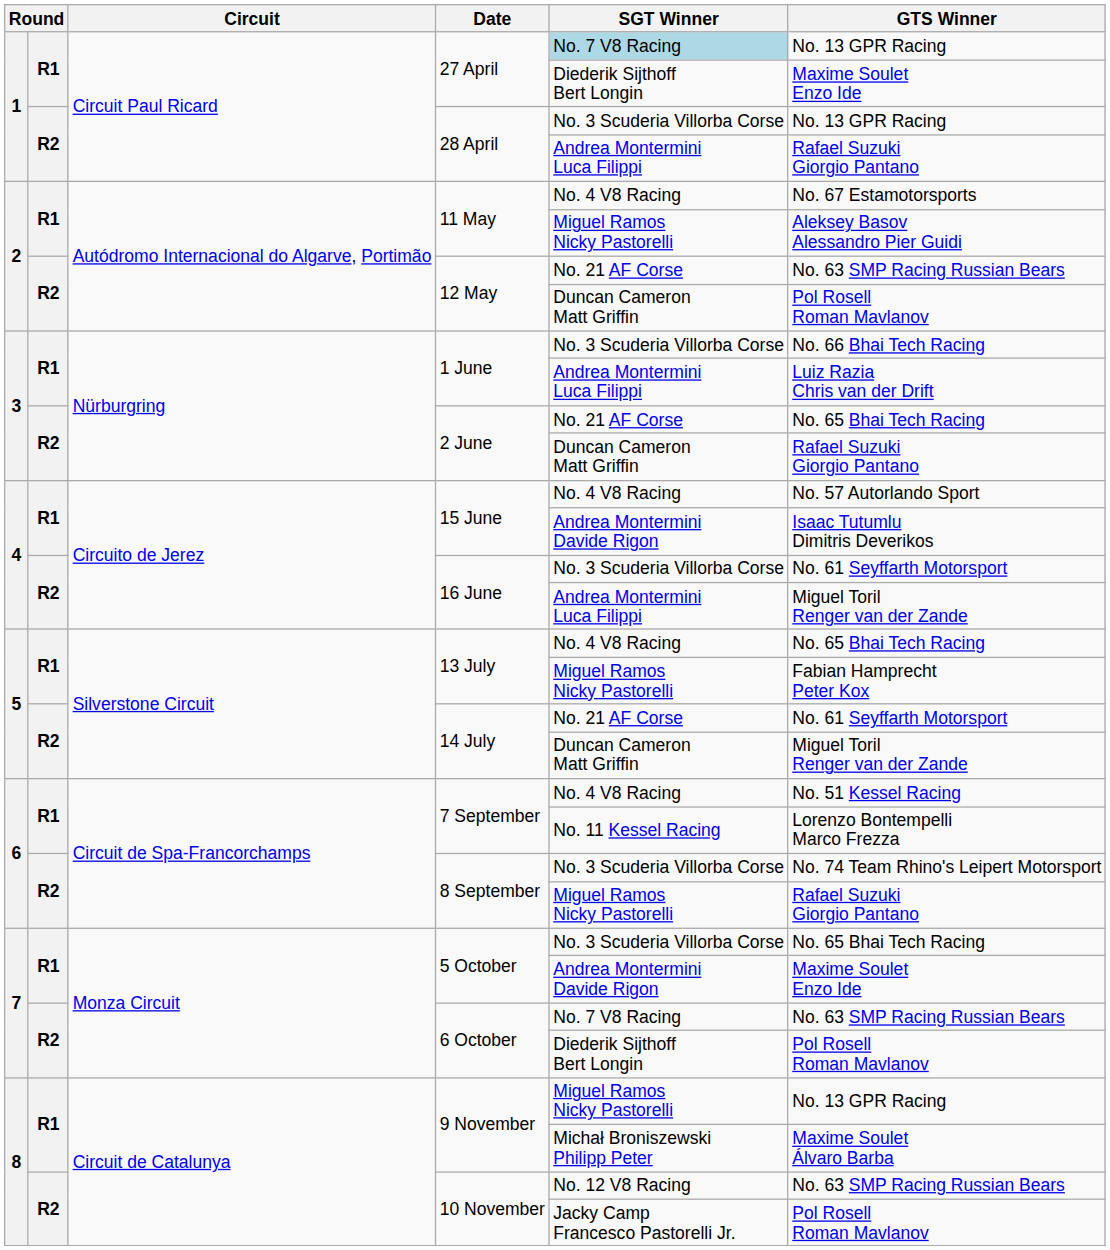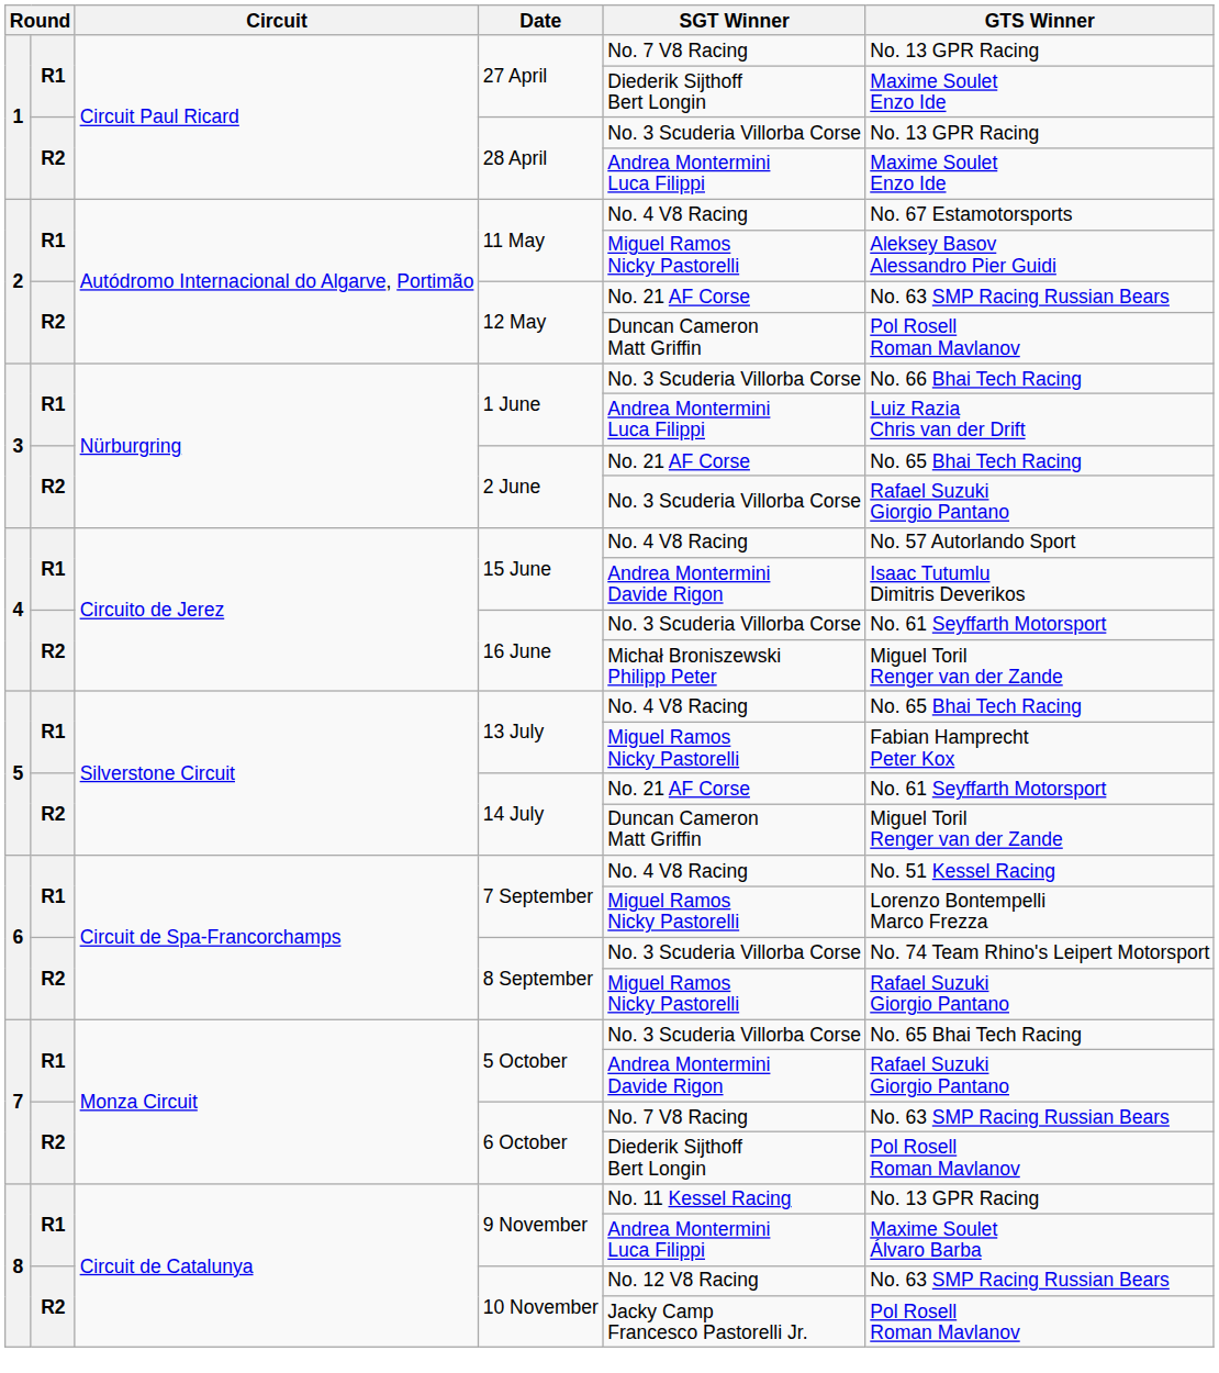 <table class="wikitable" style="font-size: 85%;">
 <tr>
 <th colspan=2>Round</th>
 <th>Circuit</th>
 <th>Date</th>
 <th>SGT Winner</th>
 <th>GTS Winner</th>
 </tr>
 <tr>
 <th rowspan=4>1</th>
 <th rowspan=2>R1</th>
 <td rowspan=4> <a href='#'>Circuit Paul Ricard</a></td>
 <td rowspan=2>27 April</td>
-<td style="background: lightblue;">No. 7 V8 Racing</td>
+<td>No. 7 V8 Racing</td>
 <td>No. 13 GPR Racing</td>
 </tr>
 <tr>
 <td> Diederik Sijthoff<br> Bert Longin</td>
 <td> <a href='#'>Maxime Soulet</a><br> <a href='#'>Enzo Ide</a></td>
 </tr>
 <tr>
 <th rowspan=2>R2</th>
 <td rowspan=2>28 April</td>
 <td>No. 3 Scuderia Villorba Corse</td>
 <td>No. 13 GPR Racing</td>
 </tr>
 <tr>
 <td> <a href='#'>Andrea Montermini</a><br> <a href='#'>Luca Filippi</a></td>
-<td> <a href='#'>Rafael Suzuki</a><br> <a href='#'>Giorgio Pantano</a></td>
+<td> <a href='#'>Maxime Soulet</a><br> <a href='#'>Enzo Ide</a></td>
 </tr>
 <tr>
 <th rowspan=4>2</th>
 <th rowspan=2>R1</th>
 <td rowspan=4> <a href='#'>Autódromo Internacional do Algarve</a>, <a href='#'>Portimão</a></td>
 <td rowspan=2>11 May</td>
 <td>No. 4 V8 Racing</td>
 <td>No. 67 Estamotorsports</td>
 </tr>
 <tr>
 <td> <a href='#'>Miguel Ramos</a><br> <a href='#'>Nicky Pastorelli</a></td>
 <td> <a href='#'>Aleksey Basov</a><br> <a href='#'>Alessandro Pier Guidi</a></td>
 </tr>
 <tr>
 <th rowspan=2>R2</th>
 <td rowspan=2>12 May</td>
 <td>No. 21 <a href='#'>AF Corse</a></td>
 <td>No. 63 <a href='#'>SMP Racing Russian Bears</a></td>
 </tr>
 <tr>
 <td> Duncan Cameron<br> Matt Griffin</td>
 <td> <a href='#'>Pol Rosell</a><br> <a href='#'>Roman Mavlanov</a></td>
 </tr>
 <tr>
 <th rowspan=4>3</th>
 <th rowspan=2>R1</th>
 <td rowspan=4> <a href='#'>Nürburgring</a></td>
 <td rowspan=2>1 June</td>
 <td>No. 3 Scuderia Villorba Corse</td>
 <td>No. 66 <a href='#'>Bhai Tech Racing</a></td>
 </tr>
 <tr>
 <td> <a href='#'>Andrea Montermini</a><br> <a href='#'>Luca Filippi</a></td>
 <td> <a href='#'>Luiz Razia</a><br> <a href='#'>Chris van der Drift</a></td>
 </tr>
 <tr>
 <th rowspan=2>R2</th>
 <td rowspan=2>2 June</td>
 <td>No. 21 <a href='#'>AF Corse</a></td>
 <td>No. 65 <a href='#'>Bhai Tech Racing</a></td>
 </tr>
 <tr>
-<td> Duncan Cameron<br> Matt Griffin</td>
+<td>No. 3 Scuderia Villorba Corse</td>
 <td> <a href='#'>Rafael Suzuki</a><br> <a href='#'>Giorgio Pantano</a></td>
 </tr>
 <tr>
 <th rowspan=4>4</th>
 <th rowspan=2>R1</th>
 <td rowspan=4> <a href='#'>Circuito de Jerez</a></td>
 <td rowspan=2>15 June</td>
 <td>No. 4 V8 Racing</td>
 <td>No. 57 Autorlando Sport</td>
 </tr>
 <tr>
 <td> <a href='#'>Andrea Montermini</a><br> <a href='#'>Davide Rigon</a></td>
 <td> <a href='#'>Isaac Tutumlu</a><br> Dimitris Deverikos</td>
 </tr>
 <tr>
 <th rowspan=2>R2</th>
 <td rowspan=2>16 June</td>
 <td>No. 3 Scuderia Villorba Corse</td>
 <td>No. 61 <a href='#'>Seyffarth Motorsport</a></td>
 </tr>
 <tr>
-<td> <a href='#'>Andrea Montermini</a><br> <a href='#'>Luca Filippi</a></td>
+<td> Michał Broniszewski<br> <a href='#'>Philipp Peter</a></td>
 <td> Miguel Toril<br> <a href='#'>Renger van der Zande</a></td>
 </tr>
 <tr>
 <th rowspan=4>5</th>
 <th rowspan=2>R1</th>
 <td rowspan=4> <a href='#'>Silverstone Circuit</a></td>
 <td rowspan=2>13 July</td>
 <td>No. 4 V8 Racing</td>
 <td>No. 65 <a href='#'>Bhai Tech Racing</a></td>
 </tr>
 <tr>
 <td> <a href='#'>Miguel Ramos</a><br> <a href='#'>Nicky Pastorelli</a></td>
 <td> Fabian Hamprecht<br> <a href='#'>Peter Kox</a></td>
 </tr>
 <tr>
 <th rowspan=2>R2</th>
 <td rowspan=2>14 July</td>
 <td>No. 21 <a href='#'>AF Corse</a></td>
 <td>No. 61 <a href='#'>Seyffarth Motorsport</a></td>
 </tr>
 <tr>
 <td> Duncan Cameron<br> Matt Griffin</td>
 <td> Miguel Toril<br> <a href='#'>Renger van der Zande</a></td>
 </tr>
 <tr>
 <th rowspan=4>6</th>
 <th rowspan=2>R1</th>
 <td rowspan=4> <a href='#'>Circuit de Spa-Francorchamps</a></td>
 <td rowspan=2>7 September</td>
 <td>No. 4 V8 Racing</td>
 <td>No. 51 <a href='#'>Kessel Racing</a></td>
 </tr>
 <tr>
-<td>No. 11 <a href='#'>Kessel Racing</a></td>
+<td> <a href='#'>Miguel Ramos</a><br> <a href='#'>Nicky Pastorelli</a></td>
 <td> Lorenzo Bontempelli<br> Marco Frezza</td>
 </tr>
 <tr>
 <th rowspan=2>R2</th>
 <td rowspan=2>8 September</td>
 <td>No. 3 Scuderia Villorba Corse</td>
 <td>No. 74 Team Rhino's Leipert Motorsport</td>
 </tr>
 <tr>
 <td> <a href='#'>Miguel Ramos</a><br> <a href='#'>Nicky Pastorelli</a></td>
 <td> <a href='#'>Rafael Suzuki</a><br> <a href='#'>Giorgio Pantano</a></td>
 </tr>
 <tr>
 <th rowspan=4>7</th>
 <th rowspan=2>R1</th>
 <td rowspan=4> <a href='#'>Monza Circuit</a></td>
 <td rowspan=2>5 October</td>
 <td>No. 3 Scuderia Villorba Corse</td>
 <td>No. 65 Bhai Tech Racing</td>
 </tr>
 <tr>
 <td> <a href='#'>Andrea Montermini</a><br> <a href='#'>Davide Rigon</a></td>
-<td> <a href='#'>Maxime Soulet</a><br> <a href='#'>Enzo Ide</a></td>
+<td> <a href='#'>Rafael Suzuki</a><br> <a href='#'>Giorgio Pantano</a></td>
 </tr>
 <tr>
 <th rowspan=2>R2</th>
 <td rowspan=2>6 October</td>
 <td>No. 7 V8 Racing</td>
 <td>No. 63 <a href='#'>SMP Racing Russian Bears</a></td>
 </tr>
 <tr>
 <td> Diederik Sijthoff<br> Bert Longin</td>
 <td> <a href='#'>Pol Rosell</a><br> <a href='#'>Roman Mavlanov</a></td>
 </tr>
 <tr>
 <th rowspan=4>8</th>
 <th rowspan=2>R1</th>
 <td rowspan=4> <a href='#'>Circuit de Catalunya</a></td>
 <td rowspan=2>9 November</td>
-<td> <a href='#'>Miguel Ramos</a><br> <a href='#'>Nicky Pastorelli</a></td>
+<td>No. 11 <a href='#'>Kessel Racing</a></td>
 <td>No. 13 GPR Racing</td>
 </tr>
 <tr>
-<td> Michał Broniszewski<br> <a href='#'>Philipp Peter</a></td>
+<td> <a href='#'>Andrea Montermini</a><br> <a href='#'>Luca Filippi</a></td>
 <td> <a href='#'>Maxime Soulet</a><br> <a href='#'>Álvaro Barba</a></td>
 </tr>
 <tr>
 <th rowspan=2>R2</th>
 <td rowspan=2>10 November</td>
 <td>No. 12 V8 Racing</td>
 <td>No. 63 <a href='#'>SMP Racing Russian Bears</a></td>
 </tr>
 <tr>
 <td> Jacky Camp<br> Francesco Pastorelli Jr.</td>
 <td> <a href='#'>Pol Rosell</a><br> <a href='#'>Roman Mavlanov</a></td>
 </tr>
 </table>
